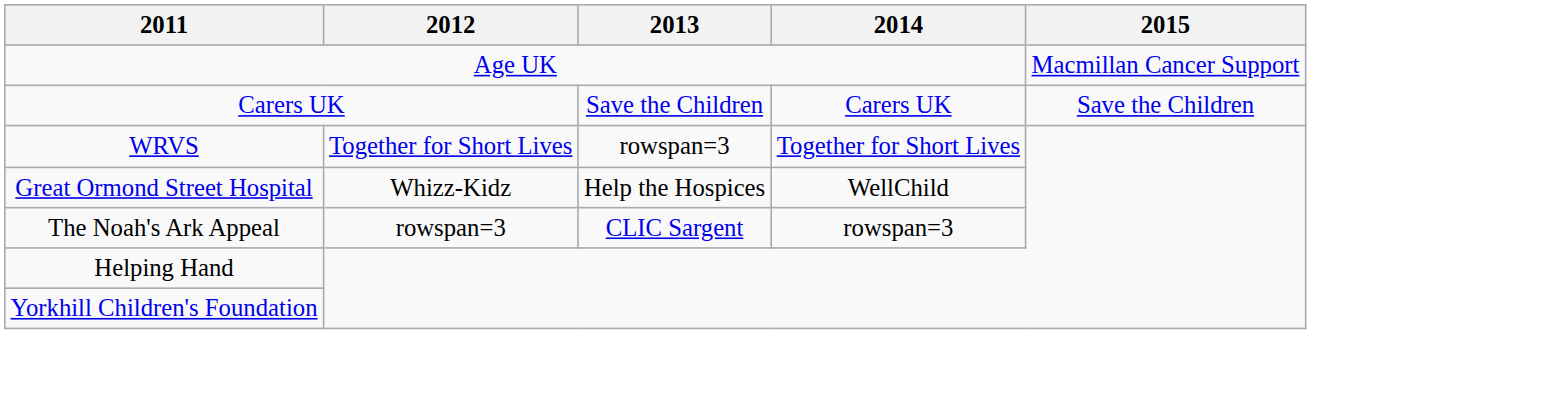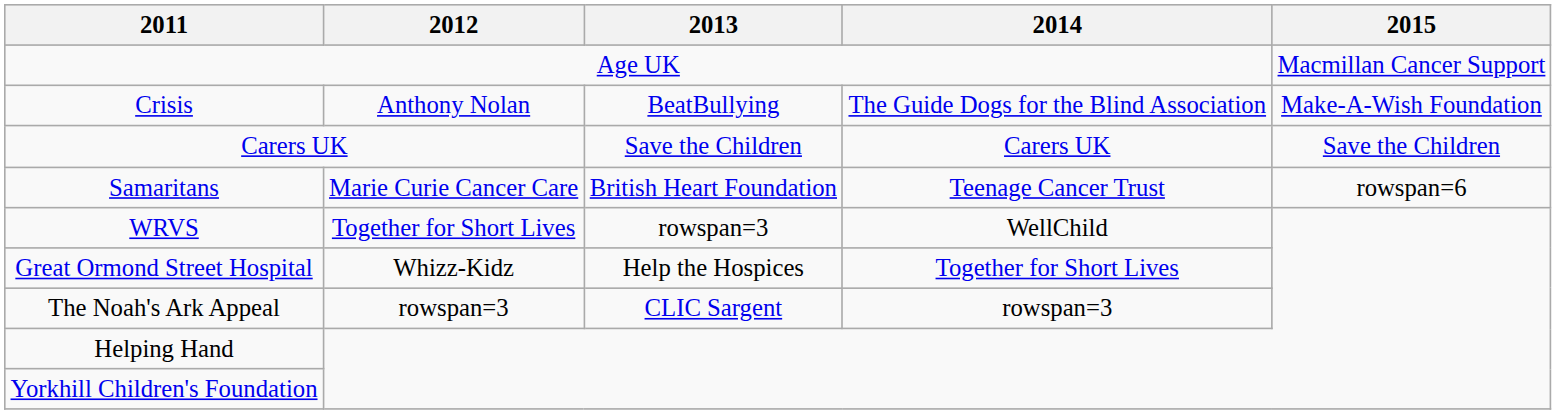 <table class="wikitable"  style="text-align:center; font-size:96%;">
 <tr>
 <th>2011</th>
 <th>2012</th>
 <th>2013</th>
 <th>2014</th>
 <th>2015</th>
 </tr>
 <tr>
 <td colspan=4><a href='#'>Age UK</a></td>
 <td><a href='#'>Macmillan Cancer Support</a></td>
 </tr>
 <tr>
+<td><a href='#'>Crisis</a></td>
+<td><a href='#'>Anthony Nolan</a></td>
+<td><a href='#'>BeatBullying</a></td>
+<td><a href='#'>The Guide Dogs for the Blind Association</a></td>
+<td><a href='#'>Make-A-Wish Foundation</a></td>
+</tr>
+<tr>
 <td colspan=2><a href='#'>Carers UK</a></td>
 <td><a href='#'>Save the Children</a></td>
 <td><a href='#'>Carers UK</a></td>
 <td><a href='#'>Save the Children</a></td>
 </tr>
 <tr>
+<td><a href='#'>Samaritans</a></td>
+<td><a href='#'>Marie Curie Cancer Care</a></td>
+<td><a href='#'>British Heart Foundation</a></td>
+<td><a href='#'>Teenage Cancer Trust</a></td>
+<td>rowspan=6 </td>
+</tr>
+<tr>
 <td><a href='#'>WRVS</a></td>
 <td><a href='#'>Together for Short Lives</a></td>
 <td>rowspan=3 </td>
-<td><a href='#'>Together for Short Lives</a></td>
+<td>WellChild</td>
 </tr>
 <tr>
 <td><a href='#'>Great Ormond Street Hospital</a></td>
 <td>Whizz-Kidz</td>
 <td>Help the Hospices</td>
-<td>WellChild</td>
+<td><a href='#'>Together for Short Lives</a></td>
 </tr>
 <tr>
 <td>The Noah's Ark Appeal</td>
 <td>rowspan=3 </td>
 <td><a href='#'>CLIC Sargent</a></td>
 <td>rowspan=3 </td>
 </tr>
 <tr>
 <td>Helping Hand</td>
 </tr>
 <tr>
 <td><a href='#'>Yorkhill Children's Foundation</a></td>
 </tr>
 </table>
